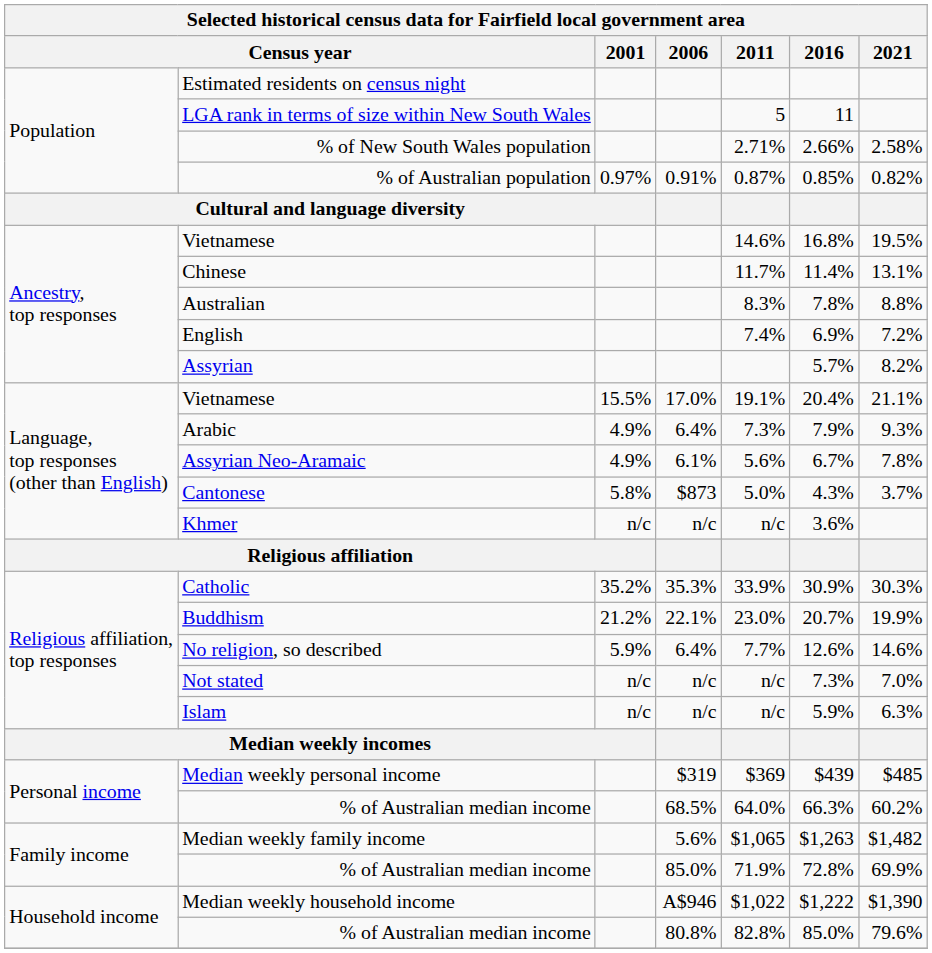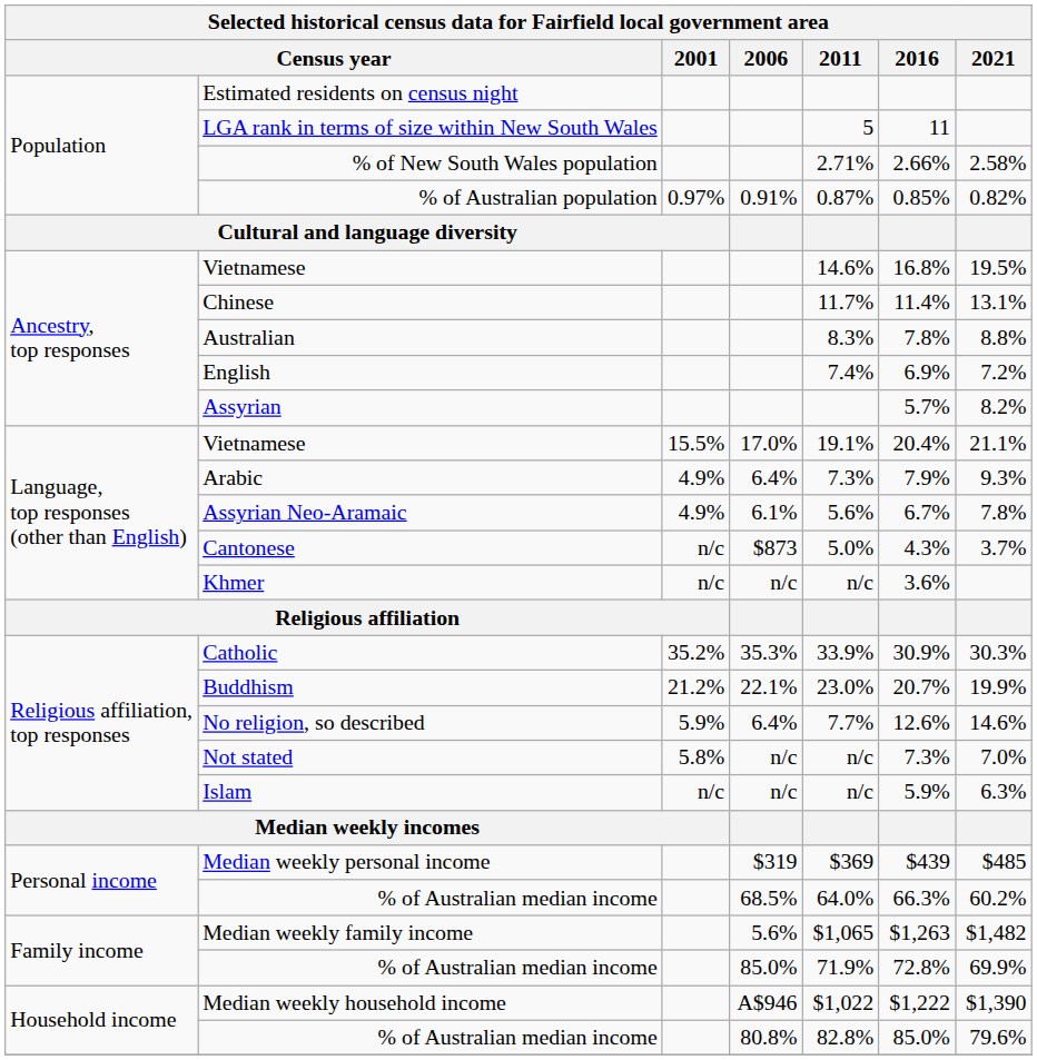 <table class="wikitable">
 <tr>
 <th colspan=8>Selected historical census data for Fairfield local government area</th>
 </tr>
 <tr>
 <th colspan=3>Census year</th>
 <th>2001</th>
 <th>2006</th>
 <th>2011</th>
 <th>2016</th>
 <th>2021</th>
 </tr>
 <tr>
 <td rowspan=4 colspan="2">Population</td>
 <td>Estimated residents on <a href='#'>census night</a></td>
 <td align="right"></td>
 <td align="right"> </td>
 <td align="right"> </td>
 <td align="right"> </td>
 <td align="right"> </td>
 </tr>
 <tr>
 <td align="right"><a href='#'>LGA rank in terms of size within New South Wales</a></td>
 <td align="right"></td>
 <td align="right"></td>
 <td align="right">5</td>
 <td align="right"> 11</td>
 <td align="right"></td>
 </tr>
 <tr>
 <td align="right">% of New South Wales population</td>
 <td align="right"></td>
 <td align="right"></td>
 <td align="right">2.71%</td>
 <td align="right"> 2.66%</td>
 <td align="right"> 2.58%</td>
 </tr>
 <tr>
 <td align="right">% of Australian population</td>
 <td align="right">0.97%</td>
 <td align="right"> 0.91%</td>
 <td align="right"> 0.87%</td>
 <td align="right"> 0.85%</td>
 <td align="right"> 0.82%</td>
 </tr>
 <tr>
 <th colspan=4>Cultural and language diversity</th>
 <th></th>
 <th></th>
 <th></th>
 <th></th>
 </tr>
 <tr>
 <td rowspan=5 colspan=2><a href='#'>Ancestry</a>,<br>top responses</td>
 <td>Vietnamese</td>
 <td align="right"></td>
 <td align="right"></td>
 <td align="right">14.6%</td>
 <td align="right"> 16.8%</td>
 <td align="right"> 19.5%</td>
 </tr>
 <tr>
 <td>Chinese</td>
 <td align="right"></td>
 <td align="right"></td>
 <td align="right">11.7%</td>
 <td align="right"> 11.4%</td>
 <td align="right"> 13.1%</td>
 </tr>
 <tr>
 <td>Australian</td>
 <td align="right"></td>
 <td align="right"></td>
 <td align="right">8.3%</td>
 <td align="right"> 7.8%</td>
 <td align="right"> 8.8%</td>
 </tr>
 <tr>
 <td>English</td>
 <td align="right"></td>
 <td align="right"></td>
 <td align="right">7.4%</td>
 <td align="right"> 6.9%</td>
 <td align="right"> 7.2%</td>
 </tr>
 <tr>
 <td><a href='#'>Assyrian</a></td>
 <td align="right"></td>
 <td align="right"></td>
 <td align="right"></td>
 <td align="right"> 5.7%</td>
 <td align="right"> 8.2%</td>
 </tr>
 <tr>
 <td rowspan=5 colspan=2>Language,<br>top responses<br>(other than <a href='#'>English</a>)</td>
 <td>Vietnamese</td>
 <td align="right">15.5%</td>
 <td align="right"> 17.0%</td>
 <td align="right"> 19.1%</td>
 <td align="right"> 20.4%</td>
 <td align="right"> 21.1%</td>
 </tr>
 <tr>
 <td>Arabic</td>
 <td align="right">4.9%</td>
 <td align="right"> 6.4%</td>
 <td align="right"> 7.3%</td>
 <td align="right"> 7.9%</td>
 <td align="right"> 9.3%</td>
 </tr>
 <tr>
 <td><a href='#'>Assyrian Neo-Aramaic</a></td>
 <td align="right">4.9%</td>
 <td align="right"> 6.1%</td>
 <td align="right"> 5.6%</td>
 <td align="right"> 6.7%</td>
 <td align="right"> 7.8%</td>
 </tr>
 <tr>
 <td><a href='#'>Cantonese</a></td>
-<td align="right">5.8%</td>
+<td align="right">n/c</td>
 <td align="right">$873</td>
 <td align="right"> 5.0%</td>
 <td align="right"> 4.3%</td>
 <td align="right"> 3.7%</td>
 </tr>
 <tr>
 <td><a href='#'>Khmer</a></td>
 <td align="right">n/c</td>
 <td align="right">n/c</td>
 <td align="right">n/c</td>
 <td align="right"> 3.6%</td>
 <td align="right"></td>
 </tr>
 <tr>
 <th colspan=4>Religious affiliation</th>
 <th></th>
 <th></th>
 <th></th>
 <th></th>
 </tr>
 <tr>
 <td rowspan=5 colspan=2><a href='#'>Religious</a> affiliation,<br>top responses</td>
 <td><a href='#'>Catholic</a></td>
 <td align="right">35.2%</td>
 <td align="right"> 35.3%</td>
 <td align="right"> 33.9%</td>
 <td align="right"> 30.9%</td>
 <td align="right"> 30.3%</td>
 </tr>
 <tr>
 <td><a href='#'>Buddhism</a></td>
 <td align="right">21.2%</td>
 <td align="right"> 22.1%</td>
 <td align="right"> 23.0%</td>
 <td align="right"> 20.7%</td>
 <td align="right"> 19.9%</td>
 </tr>
 <tr>
 <td><a href='#'>No religion</a>, so described</td>
 <td align="right">5.9%</td>
 <td align="right"> 6.4%</td>
 <td align="right"> 7.7%</td>
 <td align="right"> 12.6%</td>
 <td align="right"> 14.6%</td>
 </tr>
 <tr>
 <td><a href='#'>Not stated</a></td>
-<td align="right">n/c</td>
+<td align="right">5.8%</td>
 <td align="right">n/c</td>
 <td align="right">n/c</td>
 <td align="right">7.3%</td>
 <td align="right"> 7.0%</td>
 </tr>
 <tr>
 <td><a href='#'>Islam</a></td>
 <td align="right">n/c</td>
 <td align="right">n/c</td>
 <td align="right">n/c</td>
 <td align="right">5.9%</td>
 <td align="right"> 6.3%</td>
 </tr>
 <tr>
 <th colspan=4>Median weekly incomes</th>
 <th></th>
 <th></th>
 <th></th>
 <th></th>
 </tr>
 <tr>
 <td rowspan=2 colspan=2>Personal <a href='#'>income</a></td>
 <td><a href='#'>Median</a> weekly personal income</td>
 <td align="right"></td>
 <td align="right">$319</td>
 <td align="right"> $369</td>
 <td align="right"> $439</td>
 <td align="right"> $485</td>
 </tr>
 <tr>
 <td align="right">% of Australian median income</td>
 <td align="right"></td>
 <td align="right">68.5%</td>
 <td align="right"> 64.0%</td>
 <td align="right"> 66.3%</td>
 <td align="right"> 60.2%</td>
 </tr>
 <tr>
 <td rowspan=2 colspan=2>Family income</td>
 <td>Median weekly family income</td>
 <td align="right"></td>
 <td align="right"> 5.6%</td>
 <td align="right"> $1,065</td>
 <td align="right"> $1,263</td>
 <td align="right">$1,482</td>
 </tr>
 <tr>
 <td align="right">% of Australian median income</td>
 <td align="right"></td>
 <td align="right">85.0%</td>
 <td align="right"> 71.9%</td>
 <td align="right"> 72.8%</td>
 <td align="right"> 69.9%</td>
 </tr>
 <tr>
 <td rowspan=2 colspan=2>Household income</td>
 <td>Median weekly household income</td>
 <td align="right"></td>
 <td align="right">A$946</td>
 <td align="right"> $1,022</td>
 <td align="right"> $1,222</td>
 <td align="right"> $1,390</td>
 </tr>
 <tr>
 <td align="right">% of Australian median income</td>
 <td align="right"></td>
 <td align="right">80.8%</td>
 <td align="right"> 82.8%</td>
 <td align="right"> 85.0%</td>
 <td align="right"> 79.6%</td>
 </tr>
 <tr>
 </tr>
 </table>
